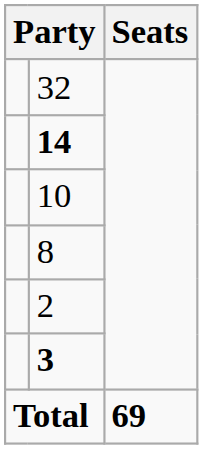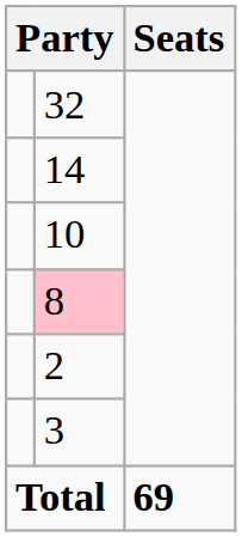 <table class="wikitable">
 <tr>
 <th colspan=2>Party</th>
 <th>Seats</th>
 </tr>
 <tr>
 <td></td>
 <td>32</td>
 </tr>
 <tr>
 <td></td>
-<td><strong>14</strong></td>
+<td>14</td>
 </tr>
 <tr>
 <td></td>
 <td>10</td>
 </tr>
 <tr>
 <td></td>
-<td>8</td>
+<td style="background: pink;">8</td>
 </tr>
 <tr>
 <td></td>
 <td>2</td>
 </tr>
 <tr>
 <td></td>
-<td><strong>3</strong></td>
+<td>3</td>
 </tr>
 <tr>
 <td colspan="2"><strong>Total</strong></td>
 <td><strong>69</strong></td>
 </tr>
 </table>
